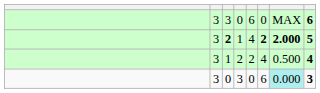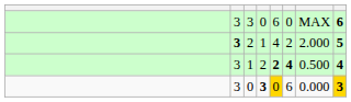 <table class="wikitable" style="text-align:center">
 <tr>
 <th width=260></th>
 <th width=5></th>
 <th width=5></th>
 <th width=5></th>
 <th width=5></th>
 <th width=5></th>
 <th width=5></th>
 <th width=5></th>
 </tr>
 <tr style="background-color:#ccffcc;">
 <td style="text-align:left;"></td>
 <td>3</td>
 <td>3</td>
 <td>0</td>
 <td>6</td>
 <td>0</td>
 <td>MAX</td>
 <td><strong>6</strong></td>
 </tr>
 <tr style="background-color:#ccffcc;">
 <td style="text-align:left;"></td>
-<td>3</td>
-<td><strong>2</strong></td>
+<td><strong>3</strong></td>
+<td>2</td>
 <td>1</td>
 <td>4</td>
-<td><strong>2</strong></td>
-<td><strong>2.000</strong></td>
+<td>2</td>
+<td>2.000</td>
 <td><strong>5</strong></td>
 </tr>
 <tr style="background-color:#ccffcc;">
 <td style="text-align:left;"></td>
 <td>3</td>
 <td>1</td>
 <td>2</td>
-<td>2</td>
-<td>4</td>
+<td><strong>2</strong></td>
+<td><strong>4</strong></td>
 <td>0.500</td>
 <td><strong>4</strong></td>
 </tr>
 <tr>
 <td style="text-align:left;"></td>
 <td>3</td>
 <td>0</td>
-<td>3</td>
-<td>0</td>
+<td><strong>3</strong></td>
+<td style="background: gold;">0</td>
 <td>6</td>
-<td style="background: paleturquoise;">0.000</td>
-<td><strong>3</strong></td>
+<td>0.000</td>
+<td style="background: gold;"><strong>3</strong></td>
 </tr>
 </table>
